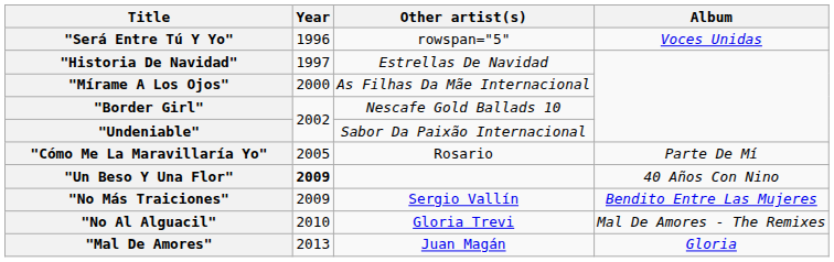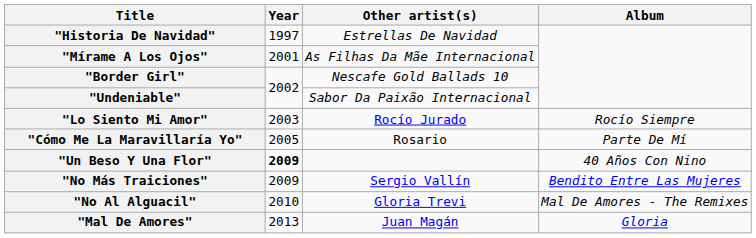 <table class="wikitable plainrowheaders" style="text-align:center;">
 <tr>
 <th scope="col" style="width:20em;">Title</th>
 <th scope="col">Year</th>
 <th scope="col">Other artist(s)</th>
 <th scope="col">Album</th>
 </tr>
 <tr>
-<th scope="row">"Será Entre Tú Y Yo"</th>
-<td>1996</td>
-<td>rowspan="5" </td>
-<td><em><a href='#'>Voces Unidas</a></em></td>
-</tr>
-<tr>
 <th scope="row">"Historia De Navidad"</th>
 <td>1997</td>
 <td><em>Estrellas De Navidad</em></td>
 </tr>
 <tr>
 <th scope="row">"Mírame A Los Ojos"</th>
-<td>2000</td>
+<td>2001</td>
 <td><em>As Filhas Da Mãe Internacional</em></td>
 </tr>
 <tr>
 <th scope="row">"Border Girl"</th>
 <td rowspan="2">2002</td>
 <td><em>Nescafe Gold Ballads 10</em></td>
 </tr>
 <tr>
 <th scope="row">"Undeniable"</th>
 <td><em>Sabor Da Paixão Internacional</em></td>
+</tr>
+<tr>
+<th scope="row">"Lo Siento Mi Amor"<br></th>
+<td>2003</td>
+<td><a href='#'>Rocío Jurado</a></td>
+<td><em>Rocío Siempre</em></td>
 </tr>
 <tr>
 <th scope="row">"Cómo Me La Maravillaría Yo"<br></th>
 <td>2005</td>
 <td>Rosario</td>
 <td><em>Parte De Mí</em></td>
 </tr>
 <tr>
 <th scope="row">"Un Beso Y Una Flor"</th>
 <td><strong>2009</strong></td>
 <td></td>
 <td><em>40 Años Con Nino</em></td>
 </tr>
 <tr>
 <th scope="row">"No Más Traiciones"</th>
 <td>2009</td>
 <td><a href='#'>Sergio Vallín</a></td>
 <td><em><a href='#'>Bendito Entre Las Mujeres</a></em></td>
 </tr>
 <tr>
 <th scope="row">"No Al Alguacil"</th>
 <td>2010</td>
 <td><a href='#'>Gloria Trevi</a></td>
 <td><em>Mal De Amores - The Remixes</em></td>
 </tr>
 <tr>
 <th scope="row">"Mal De Amores"</th>
 <td>2013</td>
 <td><a href='#'>Juan Magán</a></td>
 <td><em><a href='#'>Gloria</a></em></td>
 </tr>
 </table>
